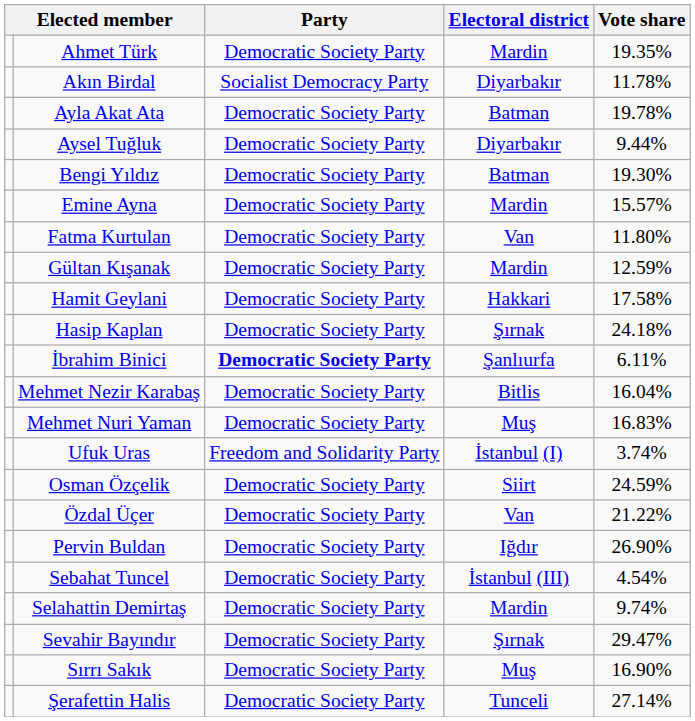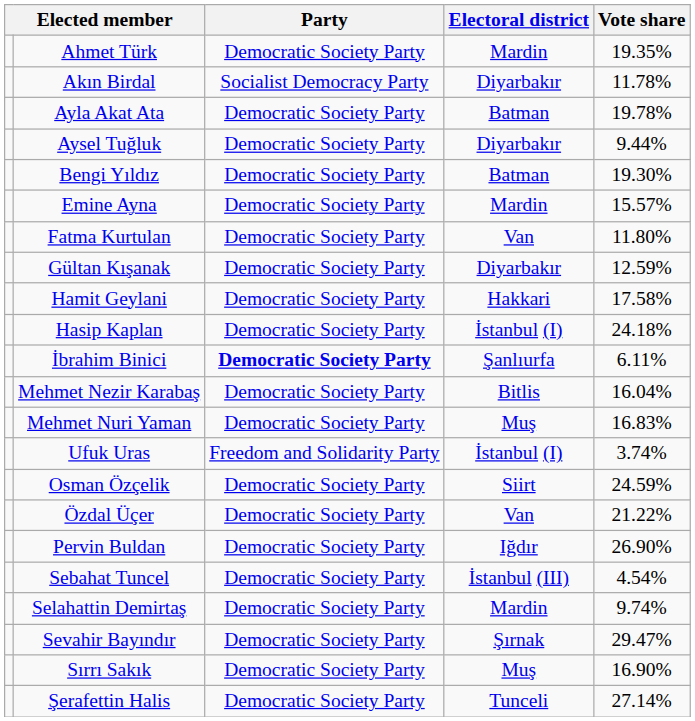 <table class="wikitable sortable" style="text-align:center;">
 <tr>
 <th colspan="2">Elected member</th>
 <th>Party</th>
 <th><a href='#'>Electoral district</a></th>
 <th>Vote share</th>
 </tr>
 <tr>
 <td style="background:"></td>
 <td><a href='#'>Ahmet Türk</a></td>
 <td><a href='#'>Democratic Society Party</a></td>
 <td><a href='#'>Mardin</a></td>
 <td>19.35%</td>
 </tr>
 <tr>
 <td style="background:"></td>
 <td><a href='#'>Akın Birdal</a></td>
 <td><a href='#'>Socialist Democracy Party</a></td>
 <td><a href='#'>Diyarbakır</a></td>
 <td>11.78%</td>
 </tr>
 <tr>
 <td style="background:"></td>
 <td><a href='#'>Ayla Akat Ata</a></td>
 <td><a href='#'>Democratic Society Party</a></td>
 <td><a href='#'>Batman</a></td>
 <td>19.78%</td>
 </tr>
 <tr>
 <td style="background:"></td>
 <td><a href='#'>Aysel Tuğluk</a></td>
 <td><a href='#'>Democratic Society Party</a></td>
 <td><a href='#'>Diyarbakır</a></td>
 <td>9.44%</td>
 </tr>
 <tr>
 <td style="background:"></td>
 <td><a href='#'>Bengi Yıldız</a></td>
 <td><a href='#'>Democratic Society Party</a></td>
 <td><a href='#'>Batman</a></td>
 <td>19.30%</td>
 </tr>
 <tr>
 <td style="background:"></td>
 <td><a href='#'>Emine Ayna</a></td>
 <td><a href='#'>Democratic Society Party</a></td>
 <td><a href='#'>Mardin</a></td>
 <td>15.57%</td>
 </tr>
 <tr>
 <td style="background:"></td>
 <td><a href='#'>Fatma Kurtulan</a></td>
 <td><a href='#'>Democratic Society Party</a></td>
 <td><a href='#'>Van</a></td>
 <td>11.80%</td>
 </tr>
 <tr>
 <td style="background:"></td>
 <td><a href='#'>Gültan Kışanak</a></td>
 <td><a href='#'>Democratic Society Party</a></td>
-<td><a href='#'>Mardin</a></td>
+<td><a href='#'>Diyarbakır</a></td>
 <td>12.59%</td>
 </tr>
 <tr>
 <td style="background:"></td>
 <td><a href='#'>Hamit Geylani</a></td>
 <td><a href='#'>Democratic Society Party</a></td>
 <td><a href='#'>Hakkari</a></td>
 <td>17.58%</td>
 </tr>
 <tr>
 <td style="background:"></td>
 <td><a href='#'>Hasip Kaplan</a></td>
 <td><a href='#'>Democratic Society Party</a></td>
-<td><a href='#'>Şırnak</a></td>
+<td><a href='#'>İstanbul</a> <a href='#'>(I)</a></td>
 <td>24.18%</td>
 </tr>
 <tr>
 <td style="background:"></td>
 <td><a href='#'>İbrahim Binici</a></td>
 <td><strong><a href='#'>Democratic Society Party</a></strong></td>
 <td><a href='#'>Şanlıurfa</a></td>
 <td>6.11%</td>
 </tr>
 <tr>
 <td style="background:"></td>
 <td><a href='#'>Mehmet Nezir Karabaş</a></td>
 <td><a href='#'>Democratic Society Party</a></td>
 <td><a href='#'>Bitlis</a></td>
 <td>16.04%</td>
 </tr>
 <tr>
 <td style="background:"></td>
 <td><a href='#'>Mehmet Nuri Yaman</a></td>
 <td><a href='#'>Democratic Society Party</a></td>
 <td><a href='#'>Muş</a></td>
 <td>16.83%</td>
 </tr>
 <tr>
 <td style="background:"></td>
 <td><a href='#'>Ufuk Uras</a></td>
 <td><a href='#'>Freedom and Solidarity Party</a></td>
 <td><a href='#'>İstanbul</a> <a href='#'>(I)</a></td>
 <td>3.74%</td>
 </tr>
 <tr>
 <td style="background:"></td>
 <td><a href='#'>Osman Özçelik</a></td>
 <td><a href='#'>Democratic Society Party</a></td>
 <td><a href='#'>Siirt</a></td>
 <td>24.59%</td>
 </tr>
 <tr>
 <td style="background:"></td>
 <td><a href='#'>Özdal Üçer</a></td>
 <td><a href='#'>Democratic Society Party</a></td>
 <td><a href='#'>Van</a></td>
 <td>21.22%</td>
 </tr>
 <tr>
 <td style="background:"></td>
 <td><a href='#'>Pervin Buldan</a></td>
 <td><a href='#'>Democratic Society Party</a></td>
 <td><a href='#'>Iğdır</a></td>
 <td>26.90%</td>
 </tr>
 <tr>
 <td style="background:"></td>
 <td><a href='#'>Sebahat Tuncel</a></td>
 <td><a href='#'>Democratic Society Party</a></td>
 <td><a href='#'>İstanbul</a> <a href='#'>(III)</a></td>
 <td>4.54%</td>
 </tr>
 <tr>
 <td style="background:"></td>
 <td><a href='#'>Selahattin Demirtaş</a></td>
 <td><a href='#'>Democratic Society Party</a></td>
 <td><a href='#'>Mardin</a></td>
 <td>9.74%</td>
 </tr>
 <tr>
 <td style="background:"></td>
 <td><a href='#'>Sevahir Bayındır</a></td>
 <td><a href='#'>Democratic Society Party</a></td>
 <td><a href='#'>Şırnak</a></td>
 <td>29.47%</td>
 </tr>
 <tr>
 <td style="background:"></td>
 <td><a href='#'>Sırrı Sakık</a></td>
 <td><a href='#'>Democratic Society Party</a></td>
 <td><a href='#'>Muş</a></td>
 <td>16.90%</td>
 </tr>
 <tr>
 <td style="background:"></td>
 <td><a href='#'>Şerafettin Halis</a></td>
 <td><a href='#'>Democratic Society Party</a></td>
 <td><a href='#'>Tunceli</a></td>
 <td>27.14%</td>
 </tr>
 </table>
